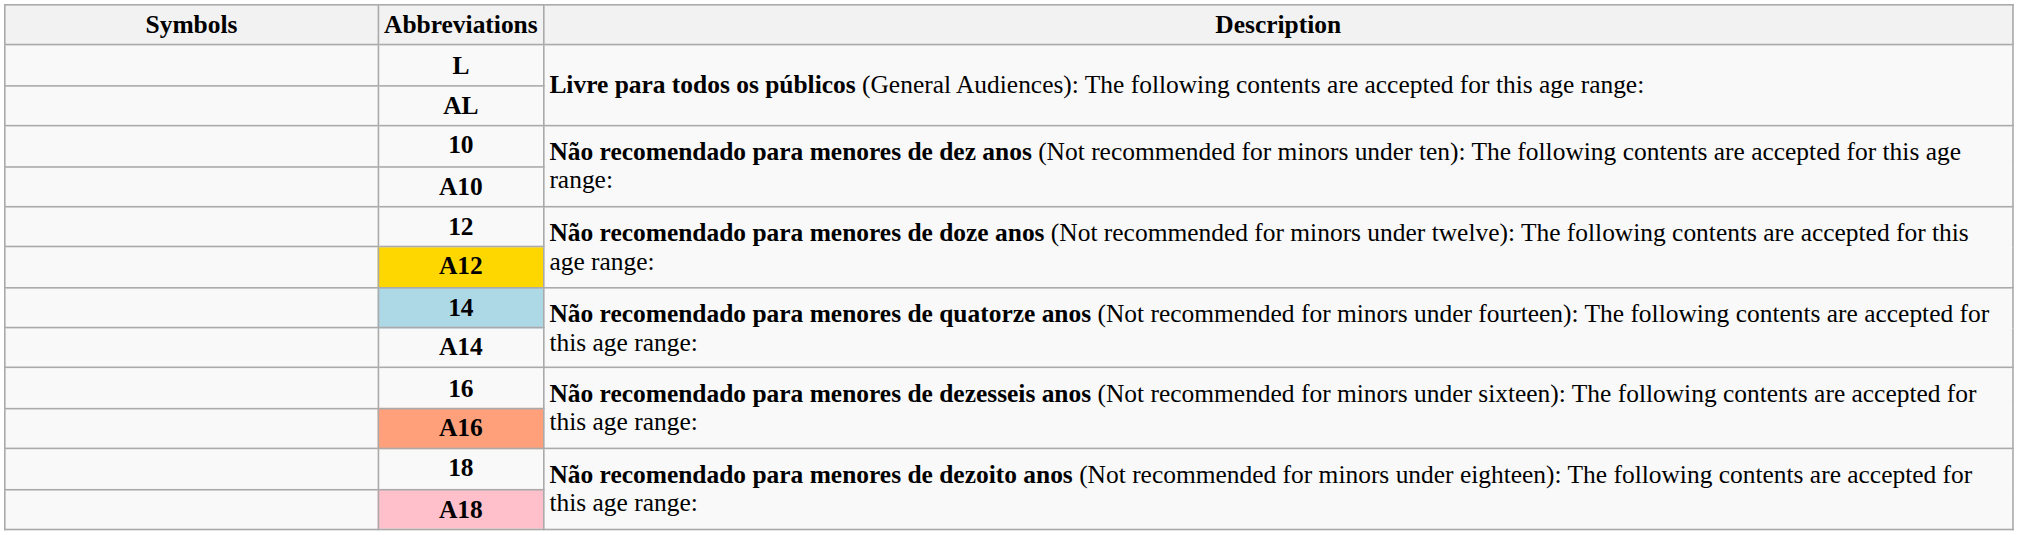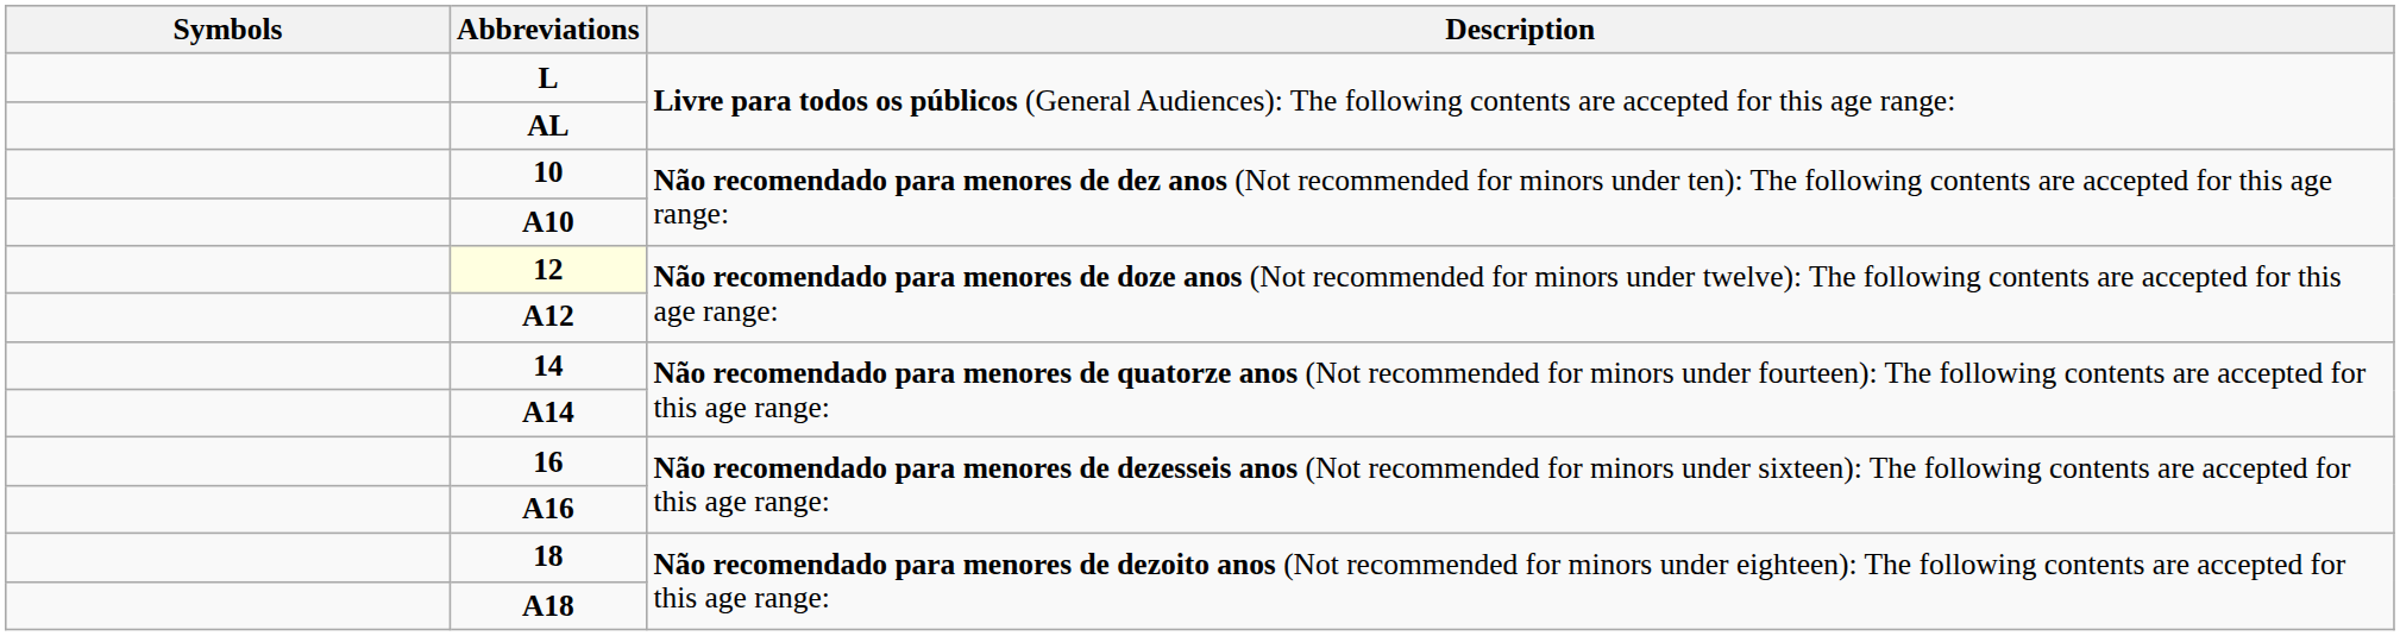 <table class="wikitable" border="1" width="100%">
 <tr style="background-color: #ececec;">
 <th width="20%">Symbols</th>
 <th>Abbreviations</th>
 <th width="80%">Description</th>
 </tr>
 <tr>
 <td></td>
 <td align="center"><strong>L</strong></td>
 <td rowspan="2"><strong>Livre para todos os públicos</strong> (General Audiences): The following contents are accepted for this age range:<br></td>
 </tr>
 <tr>
 <td></td>
 <td align="center"><strong>AL</strong></td>
 </tr>
 <tr>
 <td></td>
 <td align="center"><strong>10</strong></td>
 <td rowspan="2"><strong>Não recomendado para menores de dez anos</strong> (Not recommended for minors under ten): The following contents are accepted for this age range:<br></td>
 </tr>
 <tr>
 <td></td>
 <td align="center"><strong>A10</strong></td>
 </tr>
 <tr>
 <td></td>
-<td align="center"><strong>12</strong></td>
+<td align="center" style="background: lightyellow;"><strong>12</strong></td>
 <td rowspan="2"><strong>Não recomendado para menores de doze anos</strong> (Not recommended for minors under twelve): The following contents are accepted for this age range:<br></td>
 </tr>
 <tr>
 <td></td>
-<td align="center" style="background: gold;"><strong>A12</strong></td>
+<td align="center"><strong>A12</strong></td>
 </tr>
 <tr>
 <td></td>
-<td align="center" style="background: lightblue;"><strong>14</strong></td>
+<td align="center"><strong>14</strong></td>
 <td rowspan="2"><strong>Não recomendado para menores de quatorze anos</strong> (Not recommended for minors under fourteen): The following contents are accepted for this age range:<br></td>
 </tr>
 <tr>
 <td></td>
 <td align="center"><strong>A14</strong></td>
 </tr>
 <tr>
 <td></td>
 <td align="center"><strong>16</strong></td>
 <td rowspan="2"><strong>Não recomendado para menores de dezesseis anos</strong> (Not recommended for minors under sixteen): The following contents are accepted for this age range:<br></td>
 </tr>
 <tr>
 <td></td>
-<td align="center" style="background: lightsalmon;"><strong>A16</strong></td>
+<td align="center"><strong>A16</strong></td>
 </tr>
 <tr>
 <td></td>
 <td align="center"><strong>18</strong></td>
 <td rowspan="2"><strong>Não recomendado para menores de dezoito anos</strong> (Not recommended for minors under eighteen): The following contents are accepted for this age range:<br></td>
 </tr>
 <tr>
 <td></td>
-<td align="center" style="background: pink;"><strong>A18</strong></td>
+<td align="center"><strong>A18</strong></td>
 </tr>
 </table>
